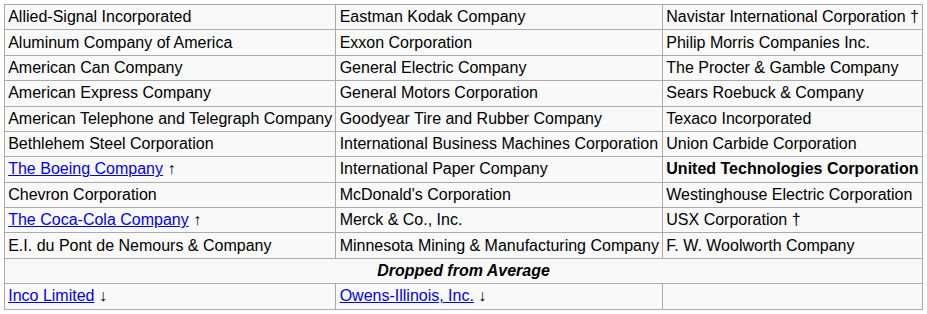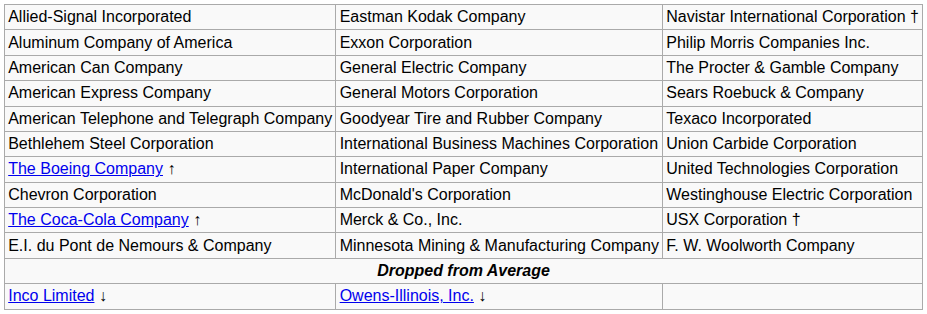 <table class="wikitable" border="1">
 <tr>
 <td>Allied-Signal Incorporated</td>
 <td>Eastman Kodak Company</td>
 <td>Navistar International Corporation † <br></td>
 </tr>
 <tr>
 <td>Aluminum Company of America</td>
 <td>Exxon Corporation</td>
 <td>Philip Morris Companies Inc.</td>
 </tr>
 <tr>
 <td>American Can Company</td>
 <td>General Electric Company</td>
 <td>The Procter & Gamble Company</td>
 </tr>
 <tr>
 <td>American Express Company</td>
 <td>General Motors Corporation</td>
 <td>Sears Roebuck & Company</td>
 </tr>
 <tr>
 <td>American Telephone and Telegraph Company</td>
 <td>Goodyear Tire and Rubber Company</td>
 <td>Texaco Incorporated</td>
 </tr>
 <tr>
 <td>Bethlehem Steel Corporation</td>
 <td>International Business Machines Corporation</td>
 <td>Union Carbide Corporation</td>
 </tr>
 <tr>
 <td><a href='#'>The Boeing Company</a> ↑</td>
 <td>International Paper Company</td>
-<td><strong>United Technologies Corporation</strong></td>
+<td>United Technologies Corporation</td>
 </tr>
 <tr>
 <td>Chevron Corporation</td>
 <td>McDonald's Corporation</td>
 <td>Westinghouse Electric Corporation</td>
 </tr>
 <tr>
 <td><a href='#'>The Coca-Cola Company</a> ↑</td>
 <td>Merck & Co., Inc.</td>
 <td>USX Corporation † <br></td>
 </tr>
 <tr>
 <td>E.I. du Pont de Nemours & Company</td>
 <td>Minnesota Mining & Manufacturing Company</td>
 <td>F. W. Woolworth Company</td>
 </tr>
 <tr>
 <td colspan="3" align="center"><strong><em>Dropped from Average</em></strong></td>
 </tr>
 <tr>
 <td><a href='#'>Inco Limited</a> ↓</td>
 <td><a href='#'>Owens-Illinois, Inc.</a> ↓</td>
 <td></td>
 </tr>
 </table>
